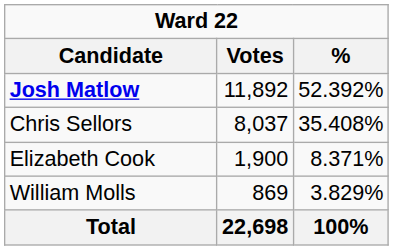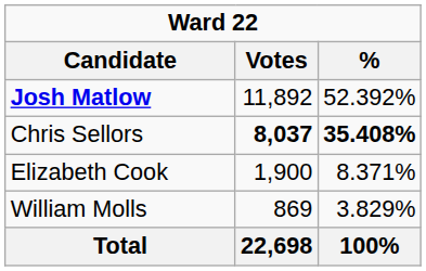 <table class="wikitable">
 <tr>
 <td Colspan="3" align="center"><strong>Ward 22</strong></td>
 </tr>
 <tr>
 <th bgcolor="#DDDDFF" width="150px">Candidate</th>
 <th bgcolor="#DDDDFF">Votes</th>
 <th bgcolor="#DDDDFF">%</th>
 </tr>
 <tr>
 <td><strong><a href='#'>Josh Matlow</a></strong></td>
 <td align=right>11,892</td>
 <td align=right>52.392%</td>
 </tr>
 <tr>
 <td>Chris Sellors</td>
-<td align=right>8,037</td>
-<td align=right>35.408%</td>
+<td align=right><strong>8,037</strong></td>
+<td align=right><strong>35.408%</strong></td>
 </tr>
 <tr>
 <td>Elizabeth Cook</td>
 <td align=right>1,900</td>
 <td align=right>8.371%</td>
 </tr>
 <tr>
 <td>William Molls</td>
 <td align=right>869</td>
 <td align=right>3.829%</td>
 </tr>
 <tr>
 <th>Total</th>
 <th align=right>22,698</th>
 <th align=right>100%</th>
 </tr>
 </table>
